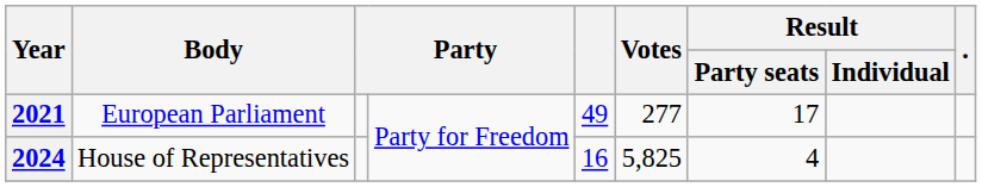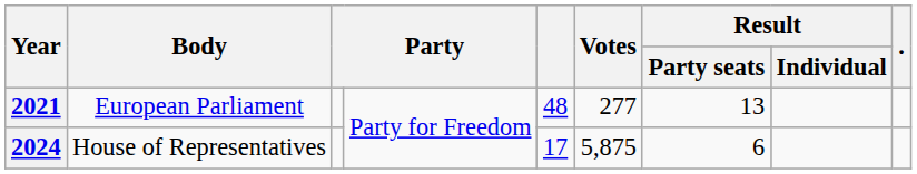 <table class="wikitable plainrowheaders sortable" border=2 cellpadding=4 cellspacing=0 style="border: 1px #aaa solid; font-size: 90%; text-align:center;">
 <tr>
 <th scope="col" rowspan=2>Year</th>
 <th scope="col" rowspan=2>Body</th>
 <th scope="col" colspan=2 rowspan=2>Party</th>
 <th scope="col" rowspan=2></th>
 <th scope="col" rowspan=2>Votes</th>
 <th scope="colgroup" colspan=2>Result</th>
 <th scope="col" rowspan=2>.</th>
 </tr>
 <tr>
 <th scope="col">Party seats</th>
 <th scope="col">Individual</th>
 </tr>
 <tr>
 <th scope="row"><a href='#'>2021</a></th>
 <td><a href='#'>European Parliament</a></td>
 <td style="background-color:"></td>
 <td rowspan="2"><a href='#'>Party for Freedom</a></td>
-<td style=text-align:right><a href='#'>49</a></td>
+<td style=text-align:right><a href='#'>48</a></td>
 <td style=text-align:right>277</td>
-<td style=text-align:right>17</td>
+<td style=text-align:right>13</td>
 <td></td>
 <td></td>
 </tr>
 <tr>
 <th scope="row"><a href='#'>2024</a></th>
 <td>House of Representatives</td>
 <td style="background-color:"></td>
-<td style=text-align:right><a href='#'>16</a></td>
-<td style=text-align:right>5,825</td>
-<td style=text-align:right>4</td>
+<td style=text-align:right><a href='#'>17</a></td>
+<td style=text-align:right>5,875</td>
+<td style=text-align:right>6</td>
 <td></td>
 <td></td>
 </tr>
 </table>
